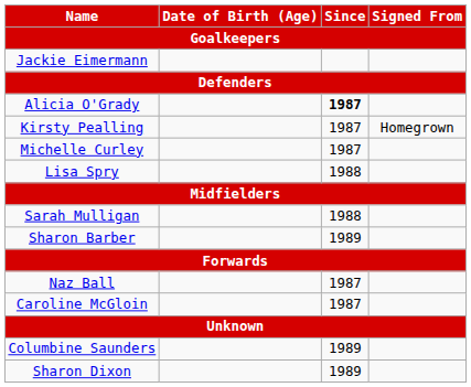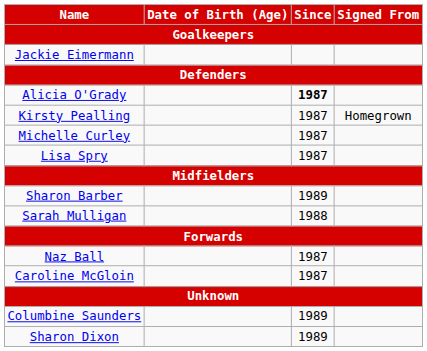 <table class="wikitable" style="text-align:center; font-size:100%; ">
 <tr>
 <th style="background:#d50000; color:white; text-align:center;">Name</th>
 <th style="background:#d50000; color:white; text-align:center;">Date of Birth (Age)</th>
 <th style="background:#d50000; color:white; text-align:center;">Since</th>
 <th style="background:#d50000; color:white; text-align:center;">Signed From</th>
 </tr>
 <tr>
 <th style="background:#d50000; color:white; text-align:center;" colspan="4">Goalkeepers</th>
 </tr>
 <tr>
 <td><a href='#'>Jackie Eimermann</a></td>
 <td></td>
 <td></td>
 <td></td>
 </tr>
 <tr>
 <th colspan="4" style="background:#d50000; color:white; text-align:center;">Defenders</th>
 </tr>
 <tr>
 <td><a href='#'>Alicia O'Grady</a></td>
 <td></td>
 <td><strong>1987</strong></td>
 <td></td>
 </tr>
 <tr>
 <td> <a href='#'>Kirsty Pealling</a></td>
 <td></td>
 <td>1987</td>
 <td>Homegrown</td>
 </tr>
 <tr>
 <td> <a href='#'>Michelle Curley</a></td>
 <td></td>
 <td>1987</td>
 <td></td>
 </tr>
 <tr>
 <td> <a href='#'>Lisa Spry</a></td>
 <td></td>
-<td>1988</td>
+<td>1987</td>
 <td></td>
 </tr>
 <tr>
 <th style="background:#d50000; color:white; text-align:center;" colspan="4">Midfielders</th>
 </tr>
 <tr>
+<td> <a href='#'>Sharon Barber</a></td>
+<td></td>
+<td>1989</td>
+<td></td>
+</tr>
+<tr>
 <td> <a href='#'>Sarah Mulligan</a></td>
 <td></td>
 <td>1988</td>
-<td></td>
-</tr>
-<tr>
-<td> <a href='#'>Sharon Barber</a></td>
-<td></td>
-<td>1989</td>
 <td></td>
 </tr>
 <tr>
 <th style="background:#d50000; color:white; text-align:center;" colspan="4">Forwards</th>
 </tr>
 <tr>
 <td> <a href='#'>Naz Ball</a></td>
 <td></td>
 <td>1987</td>
 <td></td>
 </tr>
 <tr>
 <td><a href='#'>Caroline McGloin</a></td>
 <td></td>
 <td>1987</td>
 <td></td>
 </tr>
 <tr>
 <th style="background:#d50000; color:white; text-align:center;" colspan="4">Unknown</th>
 </tr>
 <tr>
 <td><a href='#'>Columbine Saunders</a></td>
 <td></td>
 <td>1989</td>
 <td></td>
 </tr>
 <tr>
 <td><a href='#'>Sharon Dixon</a></td>
 <td></td>
 <td>1989</td>
 <td></td>
 </tr>
 </table>
